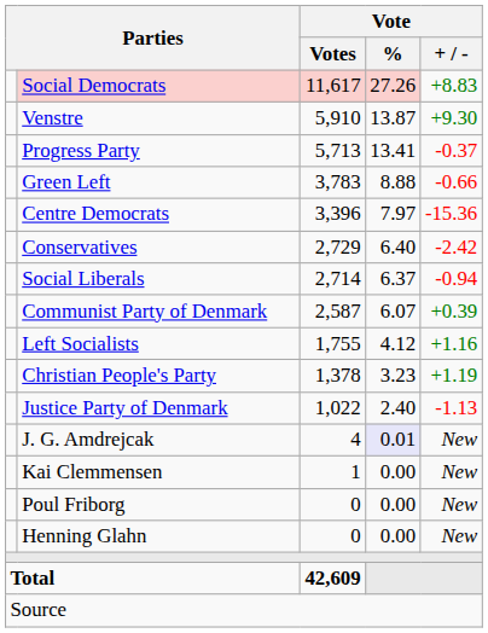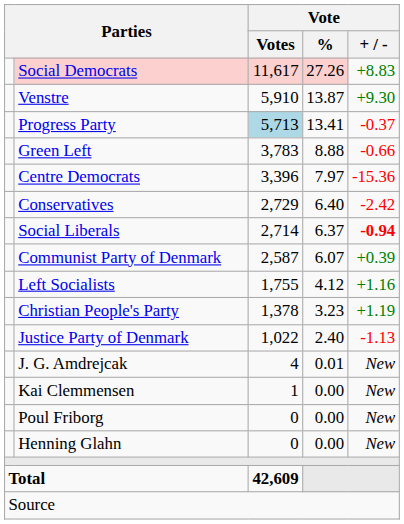 <table class="wikitable" style="text-align:right;">
 <tr>
 <th style="text-align:centre;" rowspan="2" colspan="2" width="225">Parties</th>
 <th colspan="3">Vote</th>
 </tr>
 <tr>
 <th width="15">Votes</th>
 <th width="15">%</th>
 <th width="15">+ / -</th>
 </tr>
 <tr>
 <td width="2" style="color:inherit;background:"></td>
 <td bgcolor=#fbd0ce  align="left"><a href='#'>Social Democrats</a></td>
 <td bgcolor=#fbd0ce>11,617</td>
 <td bgcolor=#fbd0ce>27.26</td>
 <td style=color:green;>+8.83</td>
 </tr>
 <tr>
 <td width="2" style="color:inherit;background:"></td>
 <td align="left"><a href='#'>Venstre</a></td>
 <td>5,910</td>
 <td>13.87</td>
 <td style=color:green;>+9.30</td>
 </tr>
 <tr>
 <td width="2" style="color:inherit;background:"></td>
 <td align="left"><a href='#'>Progress Party</a></td>
-<td>5,713</td>
+<td style="background: lightblue;">5,713</td>
 <td>13.41</td>
 <td style=color:red;>-0.37</td>
 </tr>
 <tr>
 <td width="2" style="color:inherit;background:"></td>
 <td align="left"><a href='#'>Green Left</a></td>
 <td>3,783</td>
 <td>8.88</td>
 <td style=color:red;>-0.66</td>
 </tr>
 <tr>
 <td width="2" style="color:inherit;background:"></td>
 <td align="left"><a href='#'>Centre Democrats</a></td>
 <td>3,396</td>
 <td>7.97</td>
 <td style=color:red;>-15.36</td>
 </tr>
 <tr>
 <td width="2" style="color:inherit;background:"></td>
 <td align="left"><a href='#'>Conservatives</a></td>
 <td>2,729</td>
 <td>6.40</td>
 <td style=color:red;>-2.42</td>
 </tr>
 <tr>
 <td width="2" style="color:inherit;background:"></td>
 <td align="left"><a href='#'>Social Liberals</a></td>
 <td>2,714</td>
 <td>6.37</td>
-<td style=color:red;>-0.94</td>
+<td style=color:red;><strong>-0.94</strong></td>
 </tr>
 <tr>
 <td width="2" style="color:inherit;background:"></td>
 <td align="left"><a href='#'>Communist Party of Denmark</a></td>
 <td>2,587</td>
 <td>6.07</td>
 <td style=color:green;>+0.39</td>
 </tr>
 <tr>
 <td width="2" style="color:inherit;background:"></td>
 <td align="left"><a href='#'>Left Socialists</a></td>
 <td>1,755</td>
 <td>4.12</td>
 <td style=color:green;>+1.16</td>
 </tr>
 <tr>
 <td width="2" style="color:inherit;background:"></td>
 <td align="left"><a href='#'>Christian People's Party</a></td>
 <td>1,378</td>
 <td>3.23</td>
 <td style=color:green;>+1.19</td>
 </tr>
 <tr>
 <td width="2" style="color:inherit;background:"></td>
 <td align="left"><a href='#'>Justice Party of Denmark</a></td>
 <td>1,022</td>
 <td>2.40</td>
 <td style=color:red;>-1.13</td>
 </tr>
 <tr>
 <td width="2" style="color:inherit;background:"></td>
 <td align="left">J. G. Amdrejcak</td>
 <td>4</td>
-<td style="background: lavender;">0.01</td>
+<td>0.01</td>
 <td><em>New</em></td>
 </tr>
 <tr>
 <td width="2" style="color:inherit;background:"></td>
 <td align="left">Kai Clemmensen</td>
 <td>1</td>
 <td>0.00</td>
 <td><em>New</em></td>
 </tr>
 <tr>
 <td width="2" style="color:inherit;background:"></td>
 <td align="left">Poul Friborg</td>
 <td>0</td>
 <td>0.00</td>
 <td><em>New</em></td>
 </tr>
 <tr>
 <td width="2" style="color:inherit;background:"></td>
 <td align="left">Henning Glahn</td>
 <td>0</td>
 <td>0.00</td>
 <td><em>New</em></td>
 </tr>
 <tr>
 <td colspan="7" bgcolor="#E9E9E9"></td>
 </tr>
 <tr>
 <td align="left" colspan="2"><strong>Total</strong></td>
 <td><strong>42,609</strong></td>
 <td bgcolor="#E9E9E9" colspan="2"></td>
 </tr>
 <tr>
 <td align="left" colspan="6">Source</td>
 </tr>
 </table>
